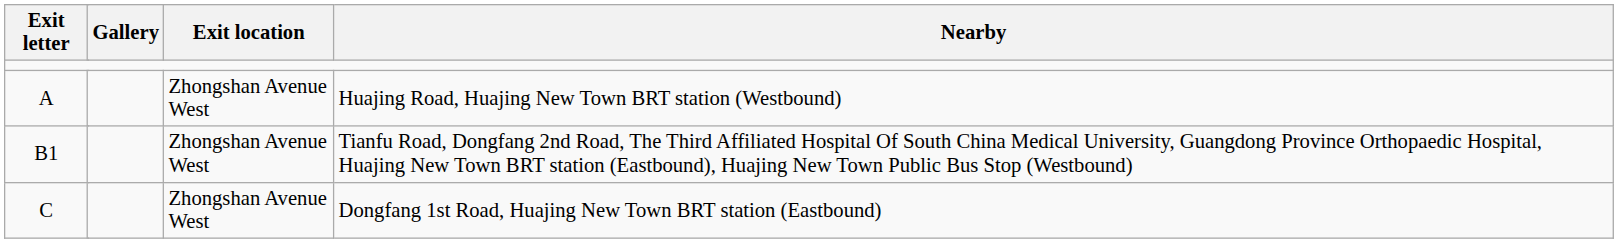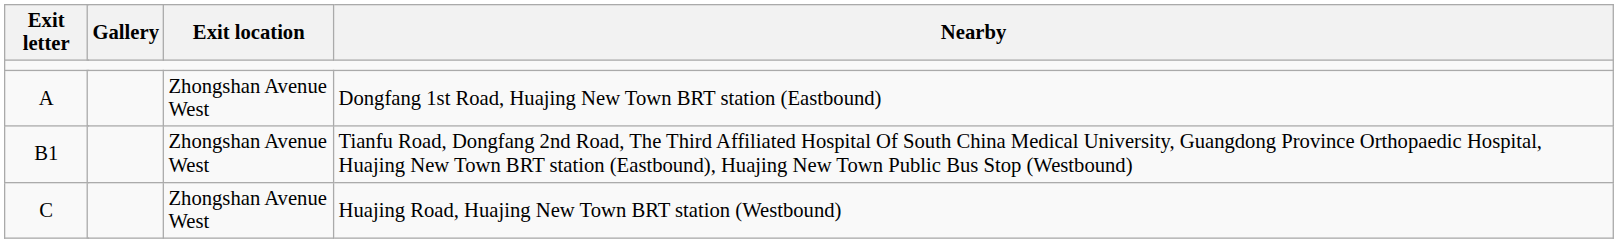 <table class="wikitable">
 <tr>
 <th style="width:70px" colspan="3">Exit letter</th>
 <th>Gallery</th>
 <th>Exit location</th>
 <th>Nearby</th>
 </tr>
 <tr style="background:#">
 <td colspan = "6"></td>
 </tr>
 <tr>
 <td align="center" colspan="3">A</td>
 <td></td>
 <td>Zhongshan Avenue West</td>
-<td>Huajing Road, Huajing New Town BRT station (Westbound)</td>
+<td>Dongfang 1st Road, Huajing New Town BRT station (Eastbound)</td>
 </tr>
 <tr>
 <td align="center" colspan="3">B1</td>
 <td></td>
 <td>Zhongshan Avenue West</td>
 <td>Tianfu Road, Dongfang 2nd Road, The Third Affiliated Hospital Of South China Medical University, Guangdong Province Orthopaedic Hospital, Huajing New Town BRT station (Eastbound), Huajing New Town Public Bus Stop (Westbound)</td>
 </tr>
 <tr>
 <td align="center" colspan="3">C</td>
 <td></td>
 <td>Zhongshan Avenue West</td>
-<td>Dongfang 1st Road, Huajing New Town BRT station (Eastbound)</td>
+<td>Huajing Road, Huajing New Town BRT station (Westbound)</td>
 </tr>
 </table>
